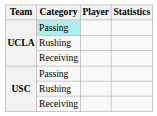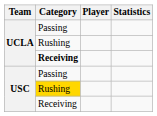 <table class="wikitable" style="float:right">
 <tr>
 <th>Team</th>
 <th>Category</th>
 <th>Player</th>
 <th>Statistics</th>
 </tr>
 <tr>
 <th rowspan=3>UCLA</th>
-<td style="background: paleturquoise;">Passing</td>
+<td>Passing</td>
 <td></td>
 <td></td>
 </tr>
 <tr>
 <td>Rushing</td>
 <td></td>
 <td></td>
 </tr>
 <tr>
-<td>Receiving</td>
+<td><strong>Receiving</strong></td>
 <td></td>
 <td></td>
 </tr>
 <tr>
 <th rowspan=3>USC</th>
 <td>Passing</td>
 <td></td>
 <td></td>
 </tr>
 <tr>
-<td>Rushing</td>
+<td style="background: gold;">Rushing</td>
 <td></td>
 <td></td>
 </tr>
 <tr>
 <td>Receiving</td>
 <td></td>
 <td></td>
 </tr>
 </table>
